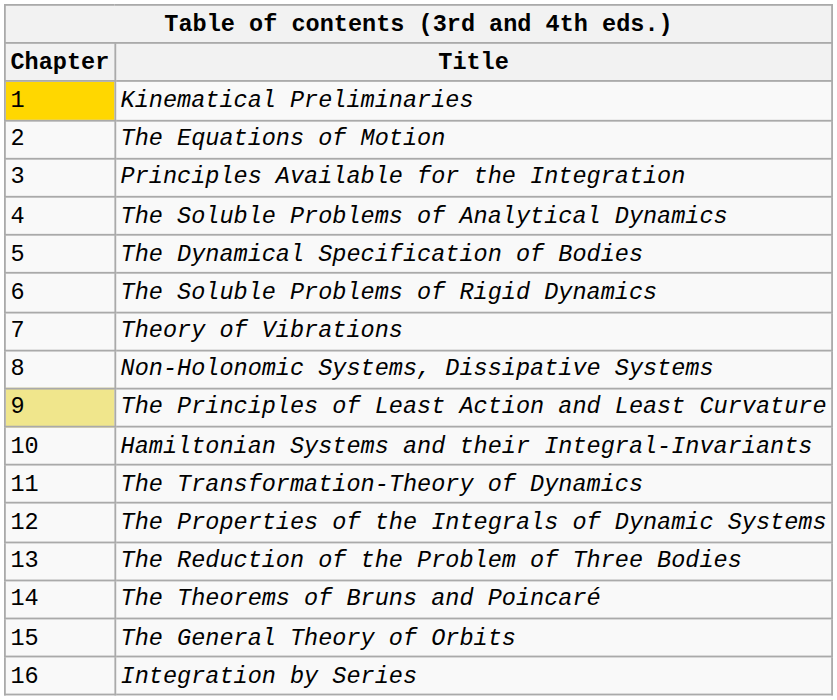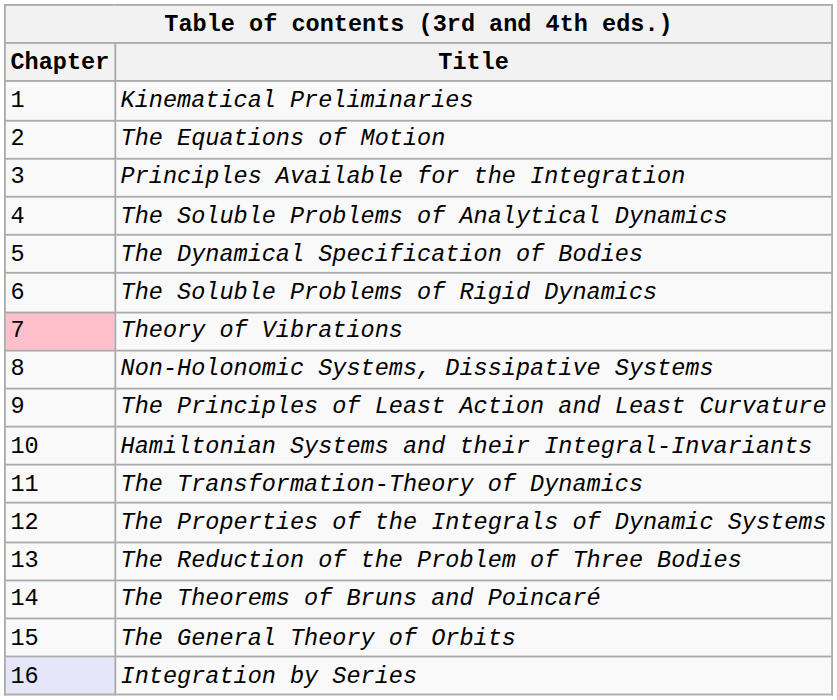 <table class="wikitable floatright"  style="width:auto; text-align:left;">
 <tr>
 <th colspan=2>Table of contents (3rd and 4th eds.)</th>
 </tr>
 <tr>
 <th><strong>Chapter</strong></th>
 <th><strong>Title</strong></th>
 </tr>
 <tr>
-<td style="background: gold;">1</td>
+<td>1</td>
 <td><em>Kinematical Preliminaries</em></td>
 </tr>
 <tr>
 <td>2</td>
 <td><em>The Equations of Motion</em></td>
 </tr>
 <tr>
 <td>3</td>
 <td><em>Principles Available for the Integration</em></td>
 </tr>
 <tr>
 <td>4</td>
 <td><em>The Soluble Problems of Analytical Dynamics</em></td>
 </tr>
 <tr>
 <td>5</td>
 <td><em>The Dynamical Specification of Bodies</em></td>
 </tr>
 <tr>
 <td>6</td>
 <td><em>The Soluble Problems of Rigid Dynamics</em></td>
 </tr>
 <tr>
-<td>7</td>
+<td style="background: pink;">7</td>
 <td><em>Theory of Vibrations</em></td>
 </tr>
 <tr>
 <td>8</td>
 <td><em>Non-Holonomic Systems, Dissipative Systems</em></td>
 </tr>
 <tr>
-<td style="background: khaki;">9</td>
+<td>9</td>
 <td><em>The Principles of Least Action and Least Curvature</em></td>
 </tr>
 <tr>
 <td>10</td>
 <td><em>Hamiltonian Systems and their Integral-Invariants</em></td>
 </tr>
 <tr>
 <td>11</td>
 <td><em>The Transformation-Theory of Dynamics</em></td>
 </tr>
 <tr>
 <td>12</td>
 <td><em>The Properties of the Integrals of Dynamic Systems</em></td>
 </tr>
 <tr>
 <td>13</td>
 <td><em>The Reduction of the Problem of Three Bodies</em></td>
 </tr>
 <tr>
 <td>14</td>
 <td><em>The Theorems of Bruns and Poincaré</em></td>
 </tr>
 <tr>
 <td>15</td>
 <td><em>The General Theory of Orbits</em></td>
 </tr>
 <tr>
-<td>16</td>
+<td style="background: lavender;">16</td>
 <td><em>Integration by Series</em></td>
 </tr>
 </table>
